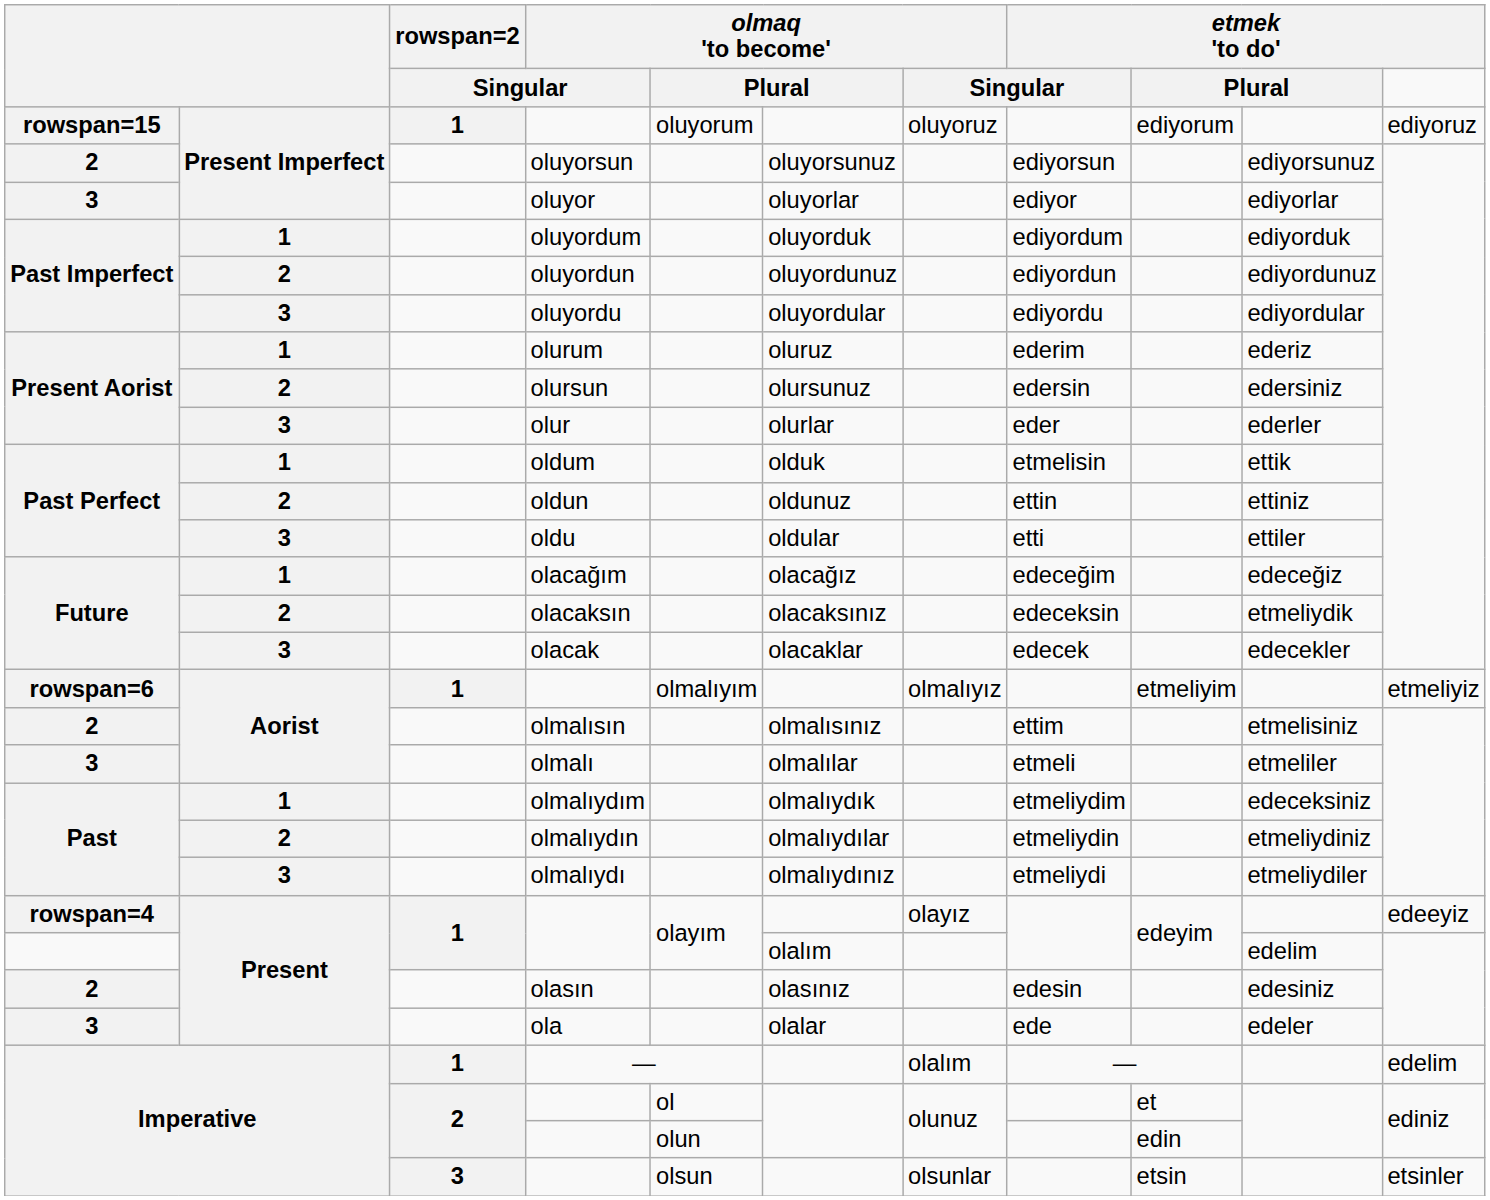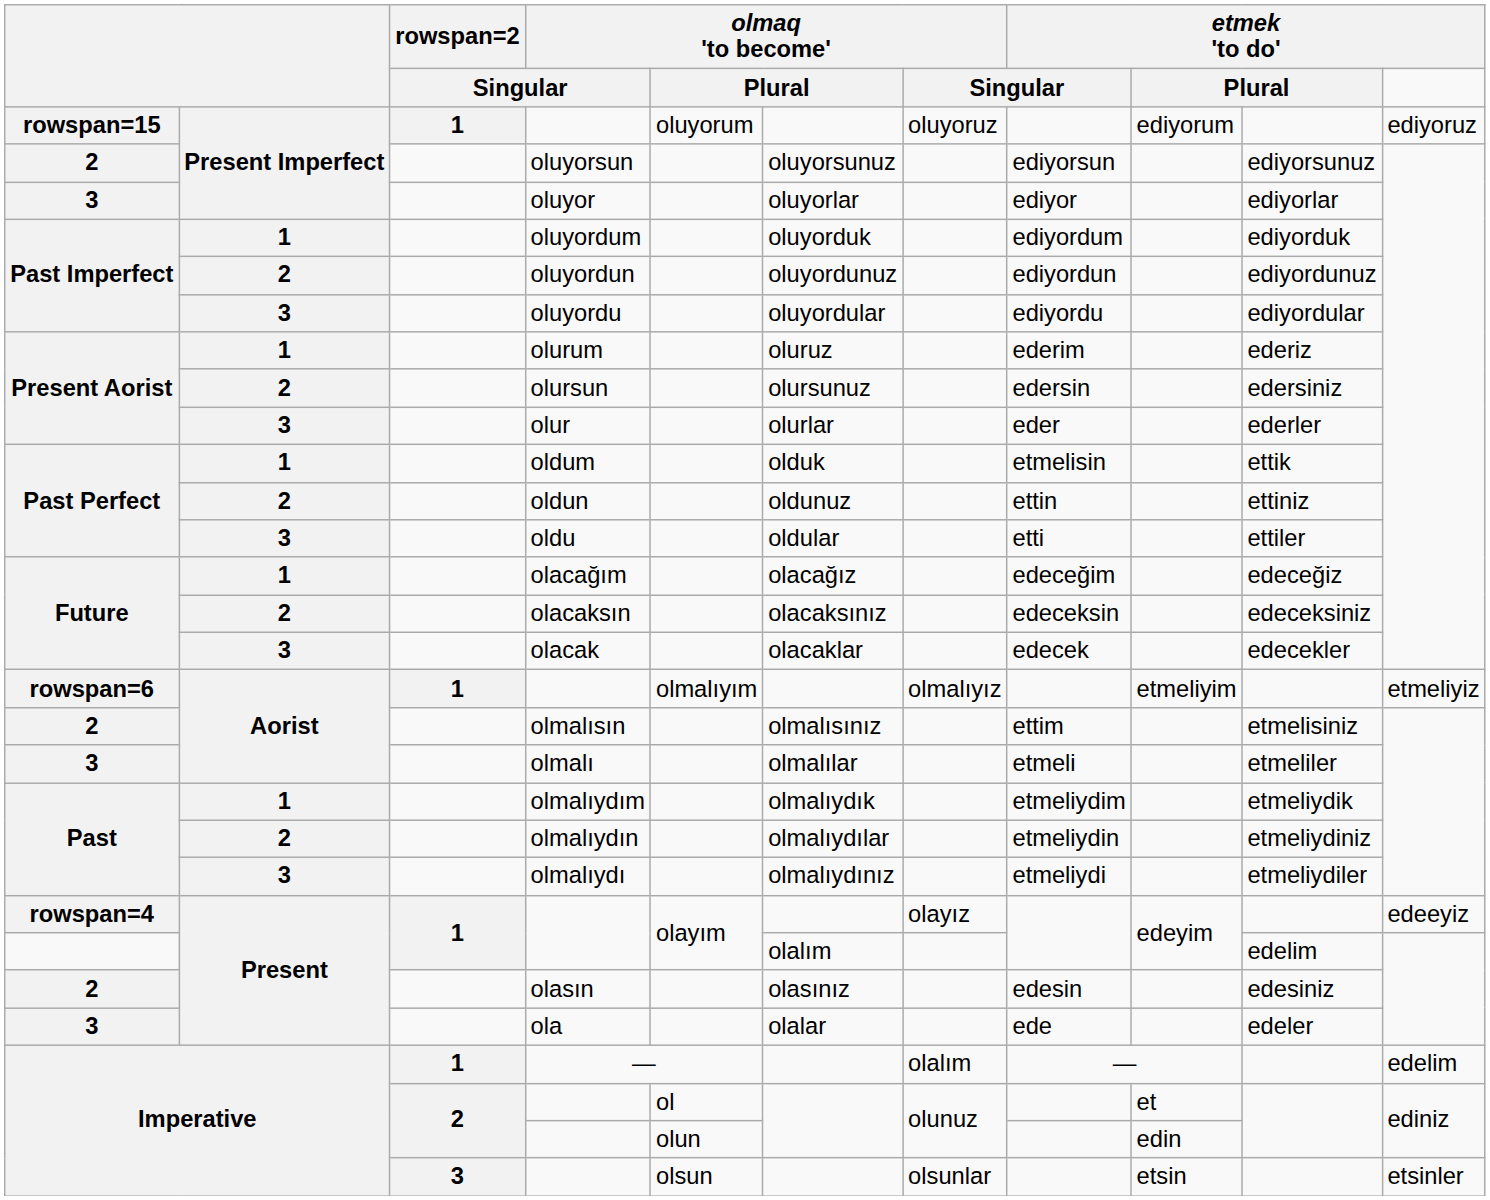 <table class="wikitable">
 <tr>
 <th rowspan=2 colspan=2></th>
 <th>rowspan=2 </th>
 <th colspan=4> <em>olmaq</em><br>'to become'</th>
 <th colspan=4> <em>etmek</em><br>'to do'</th>
 </tr>
 <tr>
 <th colspan=2>Singular</th>
 <th colspan=2>Plural</th>
 <th colspan=2>Singular</th>
 <th colspan=2>Plural</th>
 </tr>
 <tr>
 <th>rowspan=15 </th>
 <th rowspan=3>Present Imperfect</th>
 <th>1</th>
 <td></td>
 <td>oluyorum</td>
 <td></td>
 <td>oluyoruz</td>
 <td></td>
 <td>ediyorum</td>
 <td></td>
 <td>ediyoruz</td>
 </tr>
 <tr>
 <th>2</th>
 <td></td>
 <td>oluyorsun</td>
 <td></td>
 <td>oluyorsunuz</td>
 <td></td>
 <td>ediyorsun</td>
 <td></td>
 <td>ediyorsunuz</td>
 </tr>
 <tr>
 <th>3</th>
 <td></td>
 <td>oluyor</td>
 <td></td>
 <td>oluyorlar</td>
 <td></td>
 <td>ediyor</td>
 <td></td>
 <td>ediyorlar</td>
 </tr>
 <tr>
 <th rowspan=3>Past Imperfect</th>
 <th>1</th>
 <td></td>
 <td>oluyordum</td>
 <td></td>
 <td>oluyorduk</td>
 <td></td>
 <td>ediyordum</td>
 <td></td>
 <td>ediyorduk</td>
 </tr>
 <tr>
 <th>2</th>
 <td></td>
 <td>oluyordun</td>
 <td></td>
 <td>oluyordunuz</td>
 <td></td>
 <td>ediyordun</td>
 <td></td>
 <td>ediyordunuz</td>
 </tr>
 <tr>
 <th>3</th>
 <td></td>
 <td>oluyordu</td>
 <td></td>
 <td>oluyordular</td>
 <td></td>
 <td>ediyordu</td>
 <td></td>
 <td>ediyordular</td>
 </tr>
 <tr>
 <th rowspan=3>Present Aorist</th>
 <th>1</th>
 <td></td>
 <td>olurum</td>
 <td></td>
 <td>oluruz</td>
 <td></td>
 <td>ederim</td>
 <td></td>
 <td>ederiz</td>
 </tr>
 <tr>
 <th>2</th>
 <td></td>
 <td>olursun</td>
 <td></td>
 <td>olursunuz</td>
 <td></td>
 <td>edersin</td>
 <td></td>
 <td>edersiniz</td>
 </tr>
 <tr>
 <th>3</th>
 <td></td>
 <td>olur</td>
 <td></td>
 <td>olurlar</td>
 <td></td>
 <td>eder</td>
 <td></td>
 <td>ederler</td>
 </tr>
 <tr>
 <th rowspan=3>Past Perfect</th>
 <th>1</th>
 <td></td>
 <td>oldum</td>
 <td></td>
 <td>olduk</td>
 <td></td>
 <td>etmelisin</td>
 <td></td>
 <td>ettik</td>
 </tr>
 <tr>
 <th>2</th>
 <td></td>
 <td>oldun</td>
 <td></td>
 <td>oldunuz</td>
 <td></td>
 <td>ettin</td>
 <td></td>
 <td>ettiniz</td>
 </tr>
 <tr>
 <th>3</th>
 <td></td>
 <td>oldu</td>
 <td></td>
 <td>oldular</td>
 <td></td>
 <td>etti</td>
 <td></td>
 <td>ettiler</td>
 </tr>
 <tr>
 <th rowspan=3>Future</th>
 <th>1</th>
 <td></td>
 <td>olacağım</td>
 <td></td>
 <td>olacağız</td>
 <td></td>
 <td>edeceğim</td>
 <td></td>
 <td>edeceğiz</td>
 </tr>
 <tr>
 <th>2</th>
 <td></td>
 <td>olacaksın</td>
 <td></td>
 <td>olacaksınız</td>
 <td></td>
 <td>edeceksin</td>
 <td></td>
-<td>etmeliydik</td>
+<td>edeceksiniz</td>
 </tr>
 <tr>
 <th>3</th>
 <td></td>
 <td>olacak</td>
 <td></td>
 <td>olacaklar</td>
 <td></td>
 <td>edecek</td>
 <td></td>
 <td>edecekler</td>
 </tr>
 <tr>
 <th>rowspan=6 </th>
 <th rowspan=3>Aorist</th>
 <th>1</th>
 <td></td>
 <td>olmalıyım</td>
 <td></td>
 <td>olmalıyız</td>
 <td></td>
 <td>etmeliyim</td>
 <td></td>
 <td>etmeliyiz</td>
 </tr>
 <tr>
 <th>2</th>
 <td></td>
 <td>olmalısın</td>
 <td></td>
 <td>olmalısınız</td>
 <td></td>
 <td>ettim</td>
 <td></td>
 <td>etmelisiniz</td>
 </tr>
 <tr>
 <th>3</th>
 <td></td>
 <td>olmalı</td>
 <td></td>
 <td>olmalılar</td>
 <td></td>
 <td>etmeli</td>
 <td></td>
 <td>etmeliler</td>
 </tr>
 <tr>
 <th rowspan=3>Past</th>
 <th>1</th>
 <td></td>
 <td>olmalıydım</td>
 <td></td>
 <td>olmalıydık</td>
 <td></td>
 <td>etmeliydim</td>
 <td></td>
-<td>edeceksiniz</td>
+<td>etmeliydik</td>
 </tr>
 <tr>
 <th>2</th>
 <td></td>
 <td>olmalıydın</td>
 <td></td>
 <td>olmalıydılar</td>
 <td></td>
 <td>etmeliydin</td>
 <td></td>
 <td>etmeliydiniz</td>
 </tr>
 <tr>
 <th>3</th>
 <td></td>
 <td>olmalıydı</td>
 <td></td>
 <td>olmalıydınız</td>
 <td></td>
 <td>etmeliydi</td>
 <td></td>
 <td>etmeliydiler</td>
 </tr>
 <tr>
 <th>rowspan=4 </th>
 <th rowspan=4>Present</th>
 <th rowspan=2>1</th>
 <td rowspan=2></td>
 <td rowspan=2>olayım</td>
 <td></td>
 <td>olayız</td>
 <td rowspan=2></td>
 <td rowspan=2>edeyim</td>
 <td></td>
 <td>edeeyiz</td>
 </tr>
 <tr>
 <td></td>
 <td>olalım</td>
 <td></td>
 <td>edelim</td>
 </tr>
 <tr>
 <th>2</th>
 <td></td>
 <td>olasın</td>
 <td></td>
 <td>olasınız</td>
 <td></td>
 <td>edesin</td>
 <td></td>
 <td>edesiniz</td>
 </tr>
 <tr>
 <th>3</th>
 <td></td>
 <td>ola</td>
 <td></td>
 <td>olalar</td>
 <td></td>
 <td>ede</td>
 <td></td>
 <td>edeler</td>
 </tr>
 <tr>
 <th rowspan=4 colspan=2>Imperative</th>
 <th>1</th>
 <td colspan=2 align=center>—</td>
 <td></td>
 <td>olalım</td>
 <td colspan=2 align=center>—</td>
 <td></td>
 <td>edelim</td>
 </tr>
 <tr>
 <th rowspan=2>2</th>
 <td></td>
 <td>ol</td>
 <td rowspan=2></td>
 <td rowspan=2>olunuz</td>
 <td></td>
 <td>et</td>
 <td rowspan=2></td>
 <td rowspan=2>ediniz</td>
 </tr>
 <tr>
 <td></td>
 <td>olun</td>
 <td></td>
 <td>edin</td>
 </tr>
 <tr>
 <th>3</th>
 <td></td>
 <td>olsun</td>
 <td></td>
 <td>olsunlar</td>
 <td></td>
 <td>etsin</td>
 <td></td>
 <td>etsinler</td>
 </tr>
 </table>
